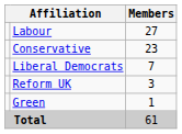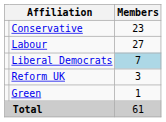 <table class="wikitable">
 <tr>
 <th colspan="2">Affiliation</th>
 <th>Members</th>
+</tr>
+<tr>
+<td style="color:inherit;background:"></td>
+<td><a href='#'>Conservative</a></td>
+<td style="text-align:center;">23</td>
 </tr>
 <tr>
 <td style="color:inherit;background:"></td>
 <td><a href='#'>Labour</a></td>
 <td style="text-align:center;">27</td>
 </tr>
 <tr>
 <td style="color:inherit;background:"></td>
-<td><a href='#'>Conservative</a></td>
-<td style="text-align:center;">23</td>
-</tr>
-<tr>
-<td style="color:inherit;background:"></td>
 <td><a href='#'>Liberal Democrats</a></td>
-<td style="text-align:center;">7</td>
+<td style="background: lightblue; text-align:center;">7</td>
 </tr>
 <tr>
 <td style="color:inherit;background:"></td>
 <td><a href='#'>Reform UK</a></td>
 <td style="text-align:center;">3</td>
 </tr>
 <tr>
 <td style="color:inherit;background:"></td>
 <td><a href='#'>Green</a></td>
 <td style="text-align:center;">1</td>
 </tr>
 <tr style="background:#ccc;">
 <td colspan="2"> <strong>Total</strong></td>
 <td style="text-align:center;">61</td>
 </tr>
 </table>
